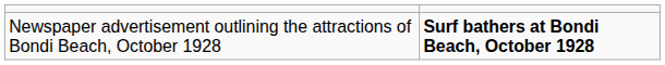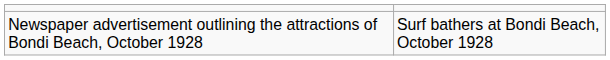 <table class="wikitable" border="1">
 <tr>
 <td></td>
 <td></td>
 </tr>
 <tr>
 <td>Newspaper advertisement outlining the attractions of Bondi Beach, October 1928</td>
-<td><strong>Surf bathers at Bondi Beach, October 1928</strong></td>
+<td>Surf bathers at Bondi Beach, October 1928</td>
 </tr>
 </table>
